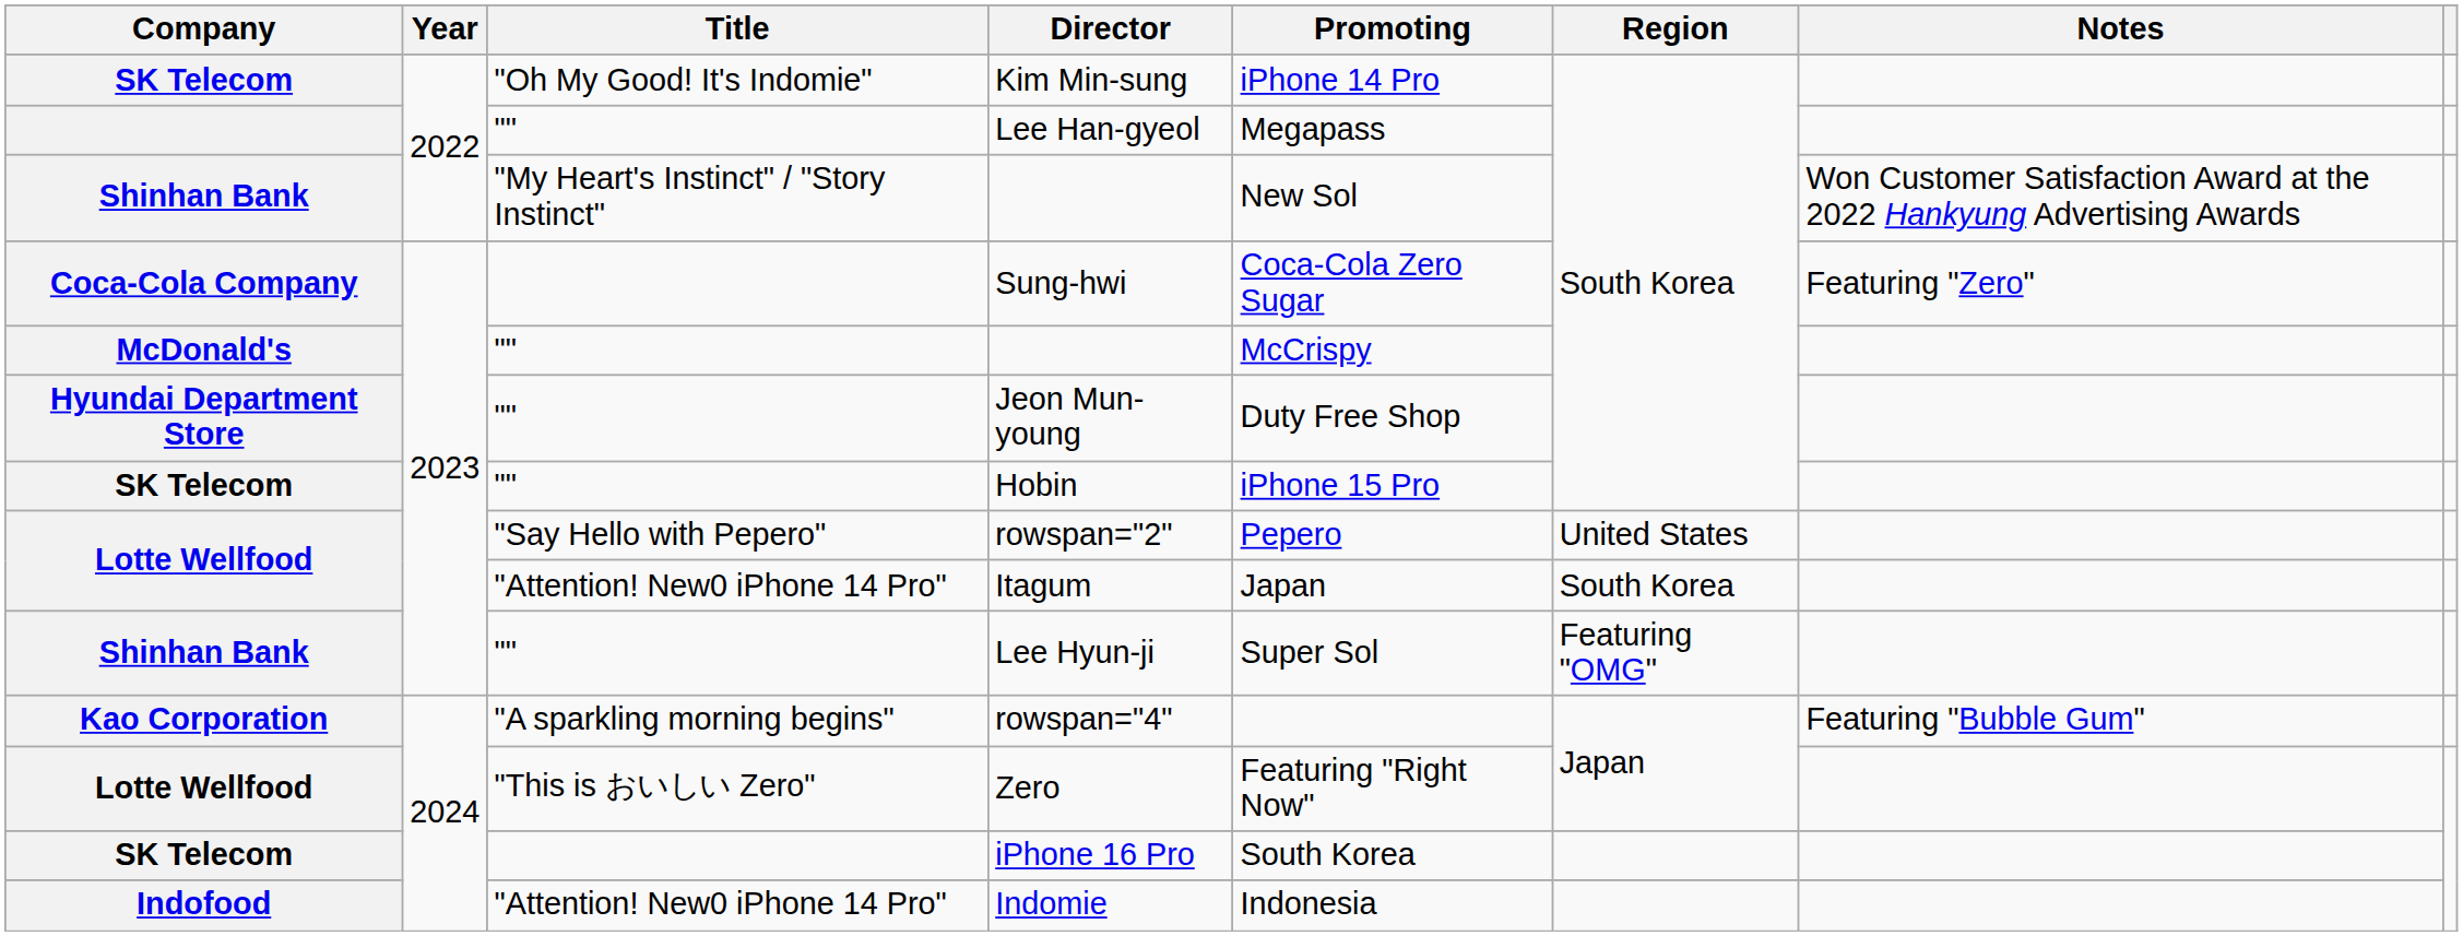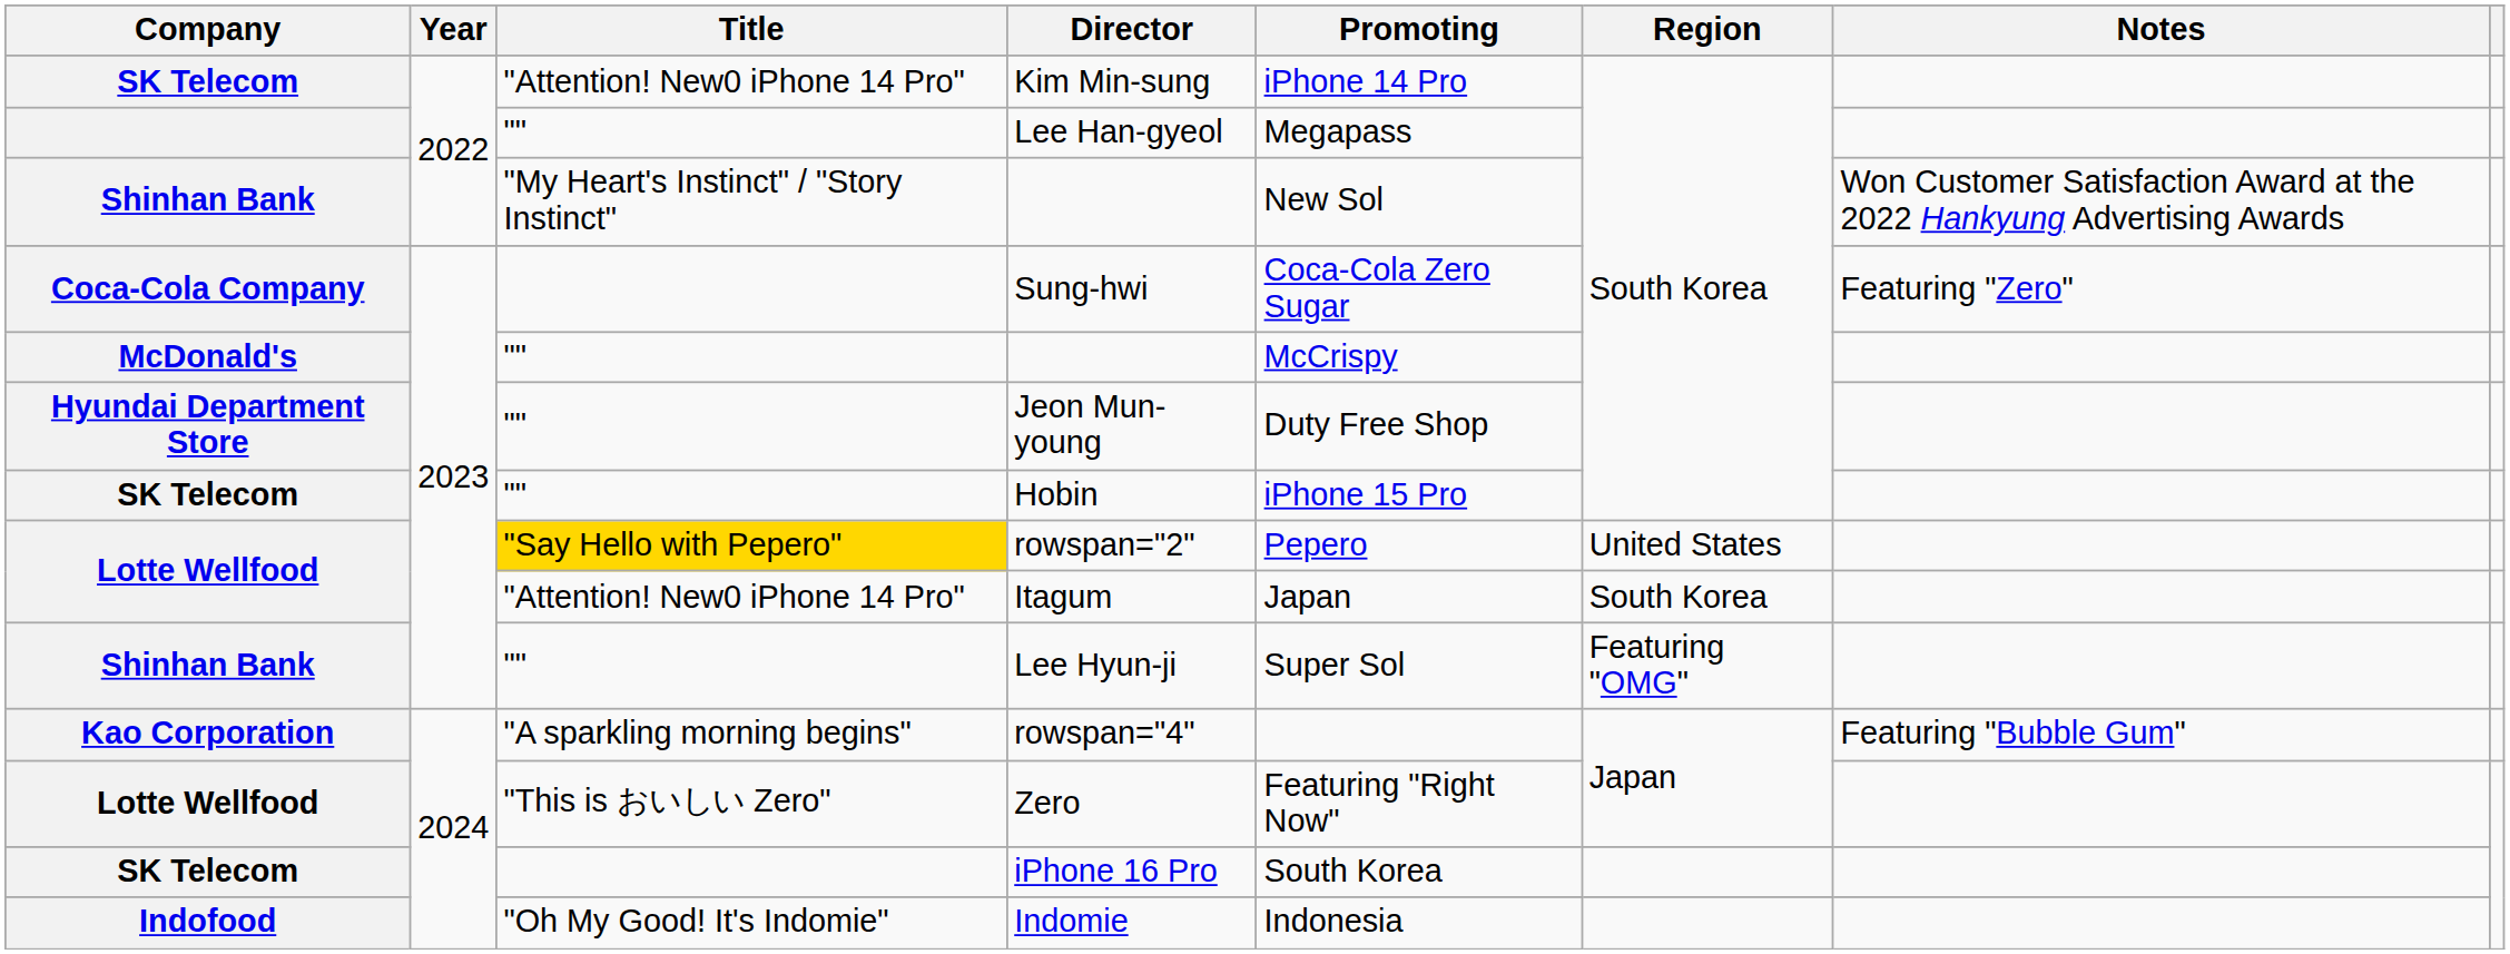 <table class="wikitable plainrowheaders sortable">
 <tr>
 <th scope="col">Company</th>
 <th scope="col">Year</th>
 <th scope="col">Title</th>
 <th scope="col">Director</th>
 <th scope="col">Promoting</th>
 <th scope="col">Region</th>
 <th scope="col" style="width:20em">Notes</th>
 <th scope="col" class="unsortable"></th>
 </tr>
 <tr>
 <th scope="row"><a href='#'>SK Telecom</a></th>
 <td rowspan="3" style="text-align:center">2022</td>
-<td>"Oh My Good! It's Indomie"</td>
+<td>"Attention! New0 iPhone 14 Pro"</td>
 <td>Kim Min-sung</td>
 <td><a href='#'>iPhone 14 Pro</a></td>
 <td rowspan="7">South Korea</td>
 <td></td>
 <td style="text-align:center"></td>
 </tr>
 <tr>
 <th scope="row"></th>
 <td>""</td>
 <td>Lee Han-gyeol</td>
 <td>Megapass</td>
 <td></td>
 <td style="text-align:center"></td>
 </tr>
 <tr>
 <th scope="row"><a href='#'>Shinhan Bank</a></th>
 <td>"My Heart's Instinct" / "Story Instinct"</td>
 <td></td>
 <td>New Sol</td>
 <td>Won Customer Satisfaction Award at the 2022 <em><a href='#'>Hankyung</a></em> Advertising Awards</td>
 <td style="text-align:center"></td>
 </tr>
 <tr>
 <th scope="row"><a href='#'>Coca-Cola Company</a></th>
 <td rowspan="7" style="text-align:center">2023</td>
 <td></td>
 <td>Sung-hwi</td>
 <td><a href='#'>Coca-Cola Zero Sugar</a></td>
 <td>Featuring "<a href='#'>Zero</a>"</td>
 <td style="text-align:center"></td>
 </tr>
 <tr>
 <th scope="row"><a href='#'>McDonald's</a></th>
 <td>""</td>
 <td></td>
 <td><a href='#'>McCrispy</a></td>
 <td></td>
 <td style="text-align:center"></td>
 </tr>
 <tr>
 <th scope="row"><a href='#'>Hyundai Department Store</a></th>
 <td>""</td>
 <td>Jeon Mun-young</td>
 <td>Duty Free Shop</td>
 <td></td>
 <td style="text-align:center"></td>
 </tr>
 <tr>
 <th scope="row">SK Telecom</th>
 <td>""</td>
 <td>Hobin</td>
 <td><a href='#'>iPhone 15 Pro</a></td>
 <td></td>
 <td style="text-align:center"></td>
 </tr>
 <tr>
 <th scope="row" rowspan="2"><a href='#'>Lotte Wellfood</a></th>
-<td>"Say Hello with Pepero"</td>
+<td style="background: gold;">"Say Hello with Pepero"</td>
 <td>rowspan="2" </td>
 <td><a href='#'>Pepero</a></td>
 <td>United States</td>
 <td></td>
 <td style="text-align:center"></td>
 </tr>
 <tr>
 <td>"Attention! New0 iPhone 14 Pro"</td>
 <td>Itagum</td>
 <td>Japan</td>
 <td>South Korea</td>
 <td style="text-align:center"></td>
 </tr>
 <tr>
 <th scope="row"><a href='#'>Shinhan Bank</a></th>
 <td>""</td>
 <td>Lee Hyun-ji</td>
 <td>Super Sol</td>
 <td>Featuring "<a href='#'>OMG</a>"</td>
 <td></td>
 <td style="text-align:center"></td>
 </tr>
 <tr>
 <th scope="row"><a href='#'>Kao Corporation</a></th>
 <td rowspan="4">2024</td>
 <td>"A sparkling morning begins"</td>
 <td>rowspan="4" </td>
 <td></td>
 <td rowspan="2">Japan</td>
 <td>Featuring "<a href='#'>Bubble Gum</a>"</td>
 <td style="text-align:center"></td>
 </tr>
 <tr>
 <th scope="row">Lotte Wellfood</th>
 <td>"This is おいしい Zero"</td>
 <td>Zero</td>
 <td>Featuring "Right Now"</td>
 <td style="text-align:center"></td>
 </tr>
 <tr>
 <th scope="row">SK Telecom</th>
 <td></td>
 <td><a href='#'>iPhone 16 Pro</a></td>
 <td>South Korea</td>
 <td></td>
 <td style="text-align:center"></td>
 </tr>
 <tr>
 <th scope="row"><a href='#'>Indofood</a></th>
-<td>"Attention! New0 iPhone 14 Pro"</td>
+<td>"Oh My Good! It's Indomie"</td>
 <td><a href='#'>Indomie</a></td>
 <td>Indonesia</td>
 <td></td>
 <td style="text-align:center"></td>
 </tr>
 </table>
